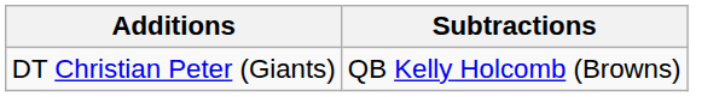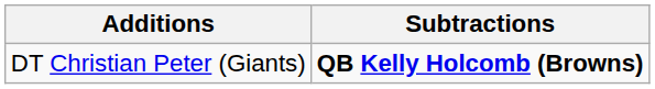 <table class="wikitable">
 <tr>
 <th>Additions</th>
 <th>Subtractions</th>
 </tr>
 <tr>
 <td>DT <a href='#'>Christian Peter</a> (Giants)</td>
-<td>QB <a href='#'>Kelly Holcomb</a> (Browns)</td>
+<td><strong>QB <a href='#'>Kelly Holcomb</a> (Browns)</strong></td>
 </tr>
 </table>
